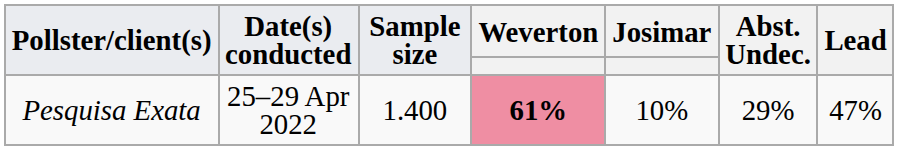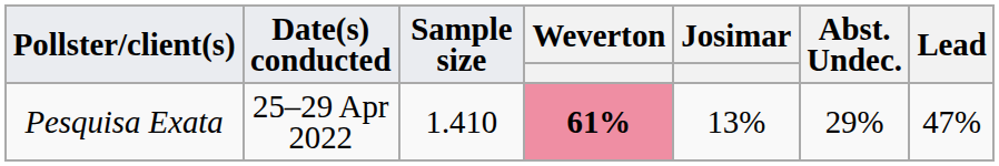 <table class="wikitable sortable" style="text-align:center;font-size:90%;line-height:14px;">
 <tr>
 <td rowspan="2" class="unsortable" style="width:50px;background:#eaecf0;"><strong>Pollster/client(s)</strong></td>
 <td rowspan="2" class="unsortable" style="width:50px;background:#eaecf0;"><strong>Date(s) <br>conducted</strong></td>
 <td rowspan="2" class="unsortable" style="width:50px;background:#eaecf0;"><strong>Sample <br>size</strong></td>
 <th class="unsortable" style="width:50px;">Weverton<br></th>
 <th class="unsortable" style="width:50px;">Josimar<br></th>
 <th rowspan="2">Abst.<br>Undec.</th>
 <th rowspan="2" class="unsortable">Lead</th>
 </tr>
 <tr>
 <th style="background:"></th>
 <th style="background:"></th>
 </tr>
 <tr>
 <td><em>Pesquisa Exata</em></td>
 <td>25–29 Apr 2022</td>
-<td>1.400</td>
+<td>1.410</td>
 <td style="background:#ef8ea3;"><strong>61%</strong></td>
-<td>10%</td>
+<td>13%</td>
 <td>29%</td>
 <td style="background:">47%</td>
 </tr>
 </table>
